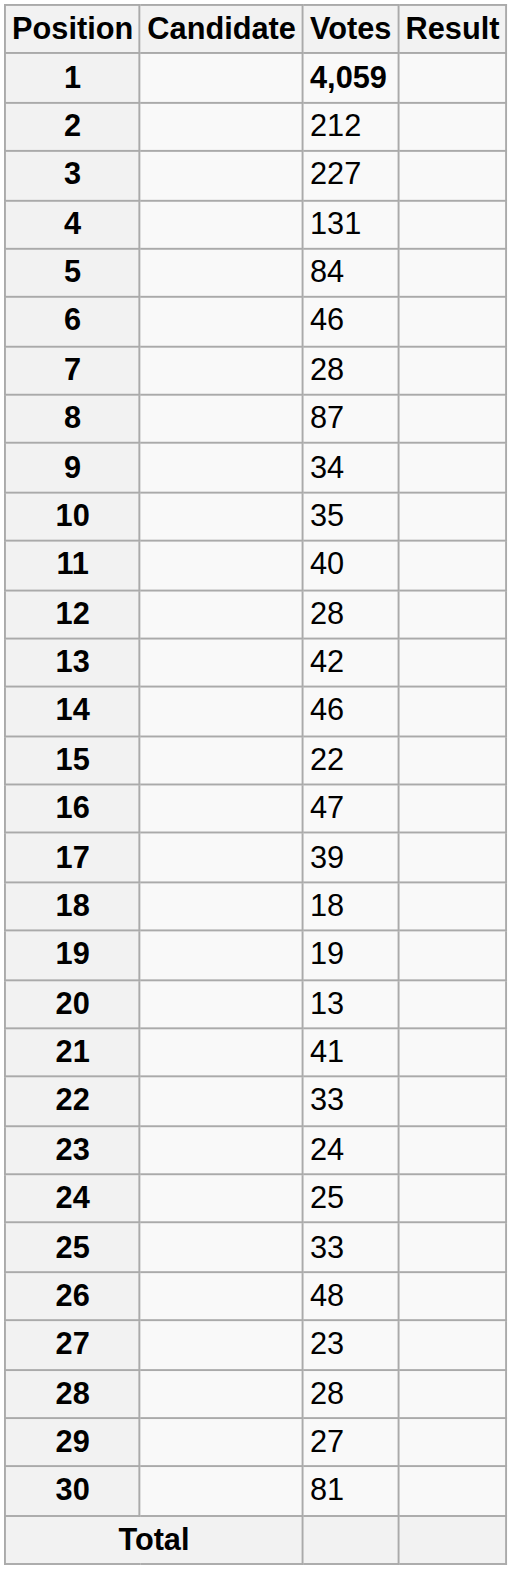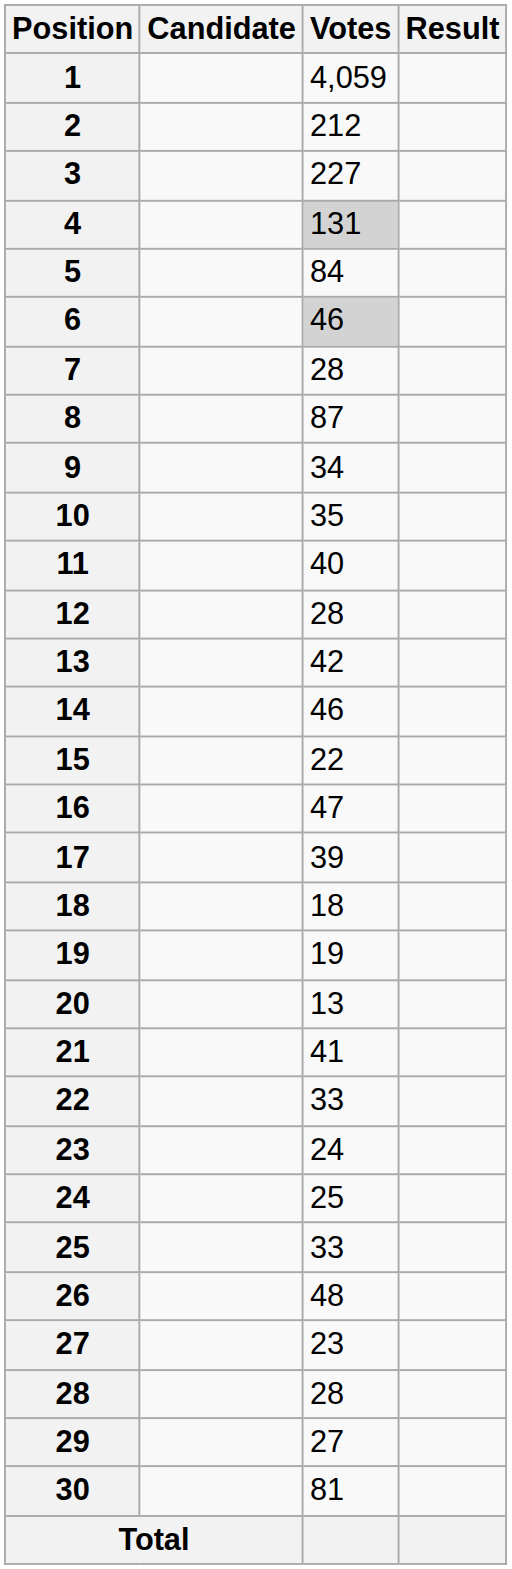 <table class="wikitable sortable col3right">
 <tr>
 <th scope="col">Position</th>
 <th scope="col">Candidate</th>
 <th scope="col">Votes</th>
 <th scope="col">Result</th>
 </tr>
 <tr>
 <th scope="row">1</th>
 <td></td>
-<td><strong>4,059</strong></td>
+<td>4,059</td>
 <td></td>
 </tr>
 <tr>
 <th scope="row">2</th>
 <td></td>
 <td>212</td>
 <td></td>
 </tr>
 <tr>
 <th scope="row">3</th>
 <td></td>
 <td>227</td>
 <td></td>
 </tr>
 <tr>
 <th scope="row">4</th>
 <td></td>
-<td>131</td>
+<td style="background: lightgrey;">131</td>
 <td></td>
 </tr>
 <tr>
 <th scope="row">5</th>
 <td></td>
 <td>84</td>
 <td></td>
 </tr>
 <tr>
 <th scope="row">6</th>
 <td></td>
-<td>46</td>
+<td style="background: lightgrey;">46</td>
 <td></td>
 </tr>
 <tr>
 <th scope="row">7</th>
 <td></td>
 <td>28</td>
 <td></td>
 </tr>
 <tr>
 <th scope="row">8</th>
 <td></td>
 <td>87</td>
 <td></td>
 </tr>
 <tr>
 <th scope="row">9</th>
 <td></td>
 <td>34</td>
 <td></td>
 </tr>
 <tr>
 <th scope="row">10</th>
 <td></td>
 <td>35</td>
 <td></td>
 </tr>
 <tr>
 <th scope="row">11</th>
 <td></td>
 <td>40</td>
 <td></td>
 </tr>
 <tr>
 <th scope="row">12</th>
 <td></td>
 <td>28</td>
 <td></td>
 </tr>
 <tr>
 <th scope="row">13</th>
 <td></td>
 <td>42</td>
 <td></td>
 </tr>
 <tr>
 <th scope="row">14</th>
 <td></td>
 <td>46</td>
 <td></td>
 </tr>
 <tr>
 <th scope="row">15</th>
 <td></td>
 <td>22</td>
 <td></td>
 </tr>
 <tr>
 <th scope="row">16</th>
 <td></td>
 <td>47</td>
 <td></td>
 </tr>
 <tr>
 <th scope="row">17</th>
 <td></td>
 <td>39</td>
 <td></td>
 </tr>
 <tr>
 <th scope="row">18</th>
 <td></td>
 <td>18</td>
 <td></td>
 </tr>
 <tr>
 <th scope="row">19</th>
 <td></td>
 <td>19</td>
 <td></td>
 </tr>
 <tr>
 <th scope="row">20</th>
 <td></td>
 <td>13</td>
 <td></td>
 </tr>
 <tr>
 <th scope="row">21</th>
 <td></td>
 <td>41</td>
 <td></td>
 </tr>
 <tr>
 <th scope="row">22</th>
 <td></td>
 <td>33</td>
 <td></td>
 </tr>
 <tr>
 <th scope="row">23</th>
 <td></td>
 <td>24</td>
 <td></td>
 </tr>
 <tr>
 <th scope="row">24</th>
 <td></td>
 <td>25</td>
 <td></td>
 </tr>
 <tr>
 <th scope="row">25</th>
 <td></td>
 <td>33</td>
 <td></td>
 </tr>
 <tr>
 <th scope="row">26</th>
 <td></td>
 <td>48</td>
 <td></td>
 </tr>
 <tr>
 <th scope="row">27</th>
 <td></td>
 <td>23</td>
 <td></td>
 </tr>
 <tr>
 <th scope="row">28</th>
 <td></td>
 <td>28</td>
 <td></td>
 </tr>
 <tr>
 <th scope="row">29</th>
 <td></td>
 <td>27</td>
 <td></td>
 </tr>
 <tr>
 <th scope="row">30</th>
 <td></td>
 <td>81</td>
 <td></td>
 </tr>
 <tr class="sortbottom">
 <th scope="row" colspan="2">Total</th>
 <th></th>
 <th></th>
 </tr>
 </table>
